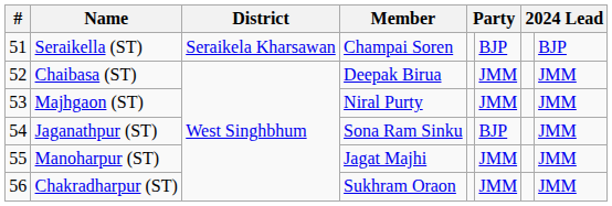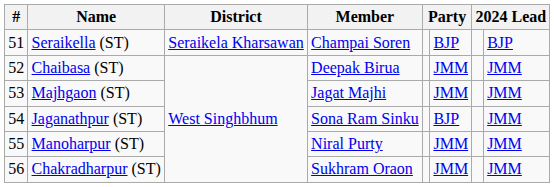 <table class="wikitable">
 <tr>
 <th>#</th>
 <th>Name</th>
 <th>District</th>
 <th>Member</th>
 <th colspan="2">Party</th>
 <th colspan="2">2024 Lead</th>
 </tr>
 <tr>
 <td>51</td>
 <td><a href='#'>Seraikella</a> (ST)</td>
 <td><a href='#'>Seraikela Kharsawan</a></td>
 <td><a href='#'>Champai Soren</a></td>
 <td></td>
 <td><a href='#'>BJP</a></td>
 <td></td>
 <td><a href='#'>BJP</a></td>
 </tr>
 <tr>
 <td>52</td>
 <td><a href='#'>Chaibasa</a> (ST)</td>
 <td rowspan="5"><a href='#'>West Singhbhum</a></td>
 <td><a href='#'>Deepak Birua</a></td>
 <td style="background-color: "></td>
 <td><a href='#'>JMM</a></td>
 <td style="background-color: "></td>
 <td><a href='#'>JMM</a></td>
 </tr>
 <tr>
 <td>53</td>
 <td><a href='#'>Majhgaon</a> (ST)</td>
-<td><a href='#'>Niral Purty</a></td>
+<td><a href='#'>Jagat Majhi</a></td>
 <td style="background-color: "></td>
 <td><a href='#'>JMM</a></td>
 <td style="background-color: "></td>
 <td><a href='#'>JMM</a></td>
 </tr>
 <tr>
 <td>54</td>
 <td><a href='#'>Jaganathpur</a> (ST)</td>
 <td><a href='#'>Sona Ram Sinku</a></td>
 <td style="background-color: "></td>
 <td><a href='#'>BJP</a></td>
 <td style="background-color: "></td>
 <td><a href='#'>JMM</a></td>
 </tr>
 <tr>
 <td>55</td>
 <td><a href='#'>Manoharpur</a> (ST)</td>
-<td><a href='#'>Jagat Majhi</a></td>
+<td><a href='#'>Niral Purty</a></td>
 <td style="background-color: "></td>
 <td><a href='#'>JMM</a></td>
 <td style="background-color: "></td>
 <td><a href='#'>JMM</a></td>
 </tr>
 <tr>
 <td>56</td>
 <td><a href='#'>Chakradharpur</a> (ST)</td>
 <td><a href='#'>Sukhram Oraon</a></td>
 <td style="background-color: "></td>
 <td><a href='#'>JMM</a></td>
 <td style="background-color: "></td>
 <td><a href='#'>JMM</a></td>
 </tr>
 </table>
